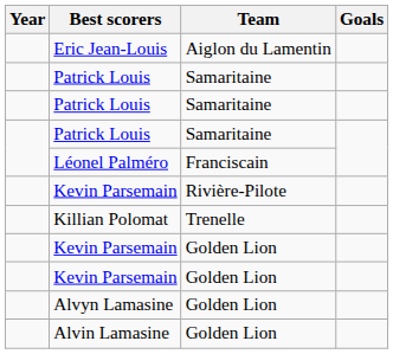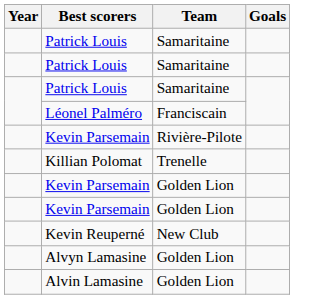 <table class="wikitable" style="align-text:center;">
 <tr>
 <th>Year</th>
 <th>Best scorers</th>
 <th>Team</th>
 <th>Goals</th>
-</tr>
-<tr>
-<td></td>
-<td><a href='#'>Eric Jean-Louis</a></td>
-<td>Aiglon du Lamentin</td>
-<td></td>
 </tr>
 <tr>
 <td></td>
 <td> <a href='#'>Patrick Louis</a></td>
 <td>Samaritaine</td>
 <td></td>
 </tr>
 <tr>
 <td></td>
 <td> <a href='#'>Patrick Louis</a></td>
 <td>Samaritaine</td>
 <td></td>
 </tr>
 <tr>
 <td rowspan=2></td>
 <td> <a href='#'>Patrick Louis</a></td>
 <td>Samaritaine</td>
 <td rowspan=2></td>
 </tr>
 <tr>
 <td><a href='#'>Léonel Palméro</a></td>
 <td>Franciscain</td>
 </tr>
 <tr>
 <td></td>
 <td> <a href='#'>Kevin Parsemain</a></td>
 <td>Rivière-Pilote</td>
 <td></td>
 </tr>
 <tr>
 <td></td>
 <td> Killian Polomat</td>
 <td>Trenelle</td>
 <td></td>
 </tr>
 <tr>
 <td></td>
 <td> <a href='#'>Kevin Parsemain</a></td>
 <td>Golden Lion</td>
 <td></td>
 </tr>
 <tr>
 <td></td>
 <td> <a href='#'>Kevin Parsemain</a></td>
 <td>Golden Lion</td>
 <td></td>
 </tr>
 <tr>
 <td></td>
+<td> Kevin Reuperné</td>
+<td>New Club</td>
+<td></td>
+</tr>
+<tr>
+<td></td>
 <td> Alvyn Lamasine</td>
 <td>Golden Lion</td>
 <td></td>
 </tr>
 <tr>
 <td></td>
 <td> Alvin Lamasine</td>
 <td>Golden Lion</td>
 <td></td>
 </tr>
 </table>
